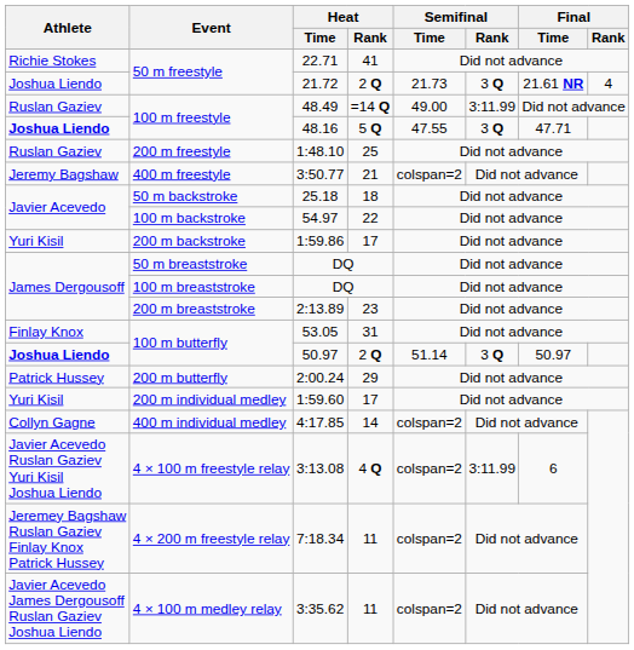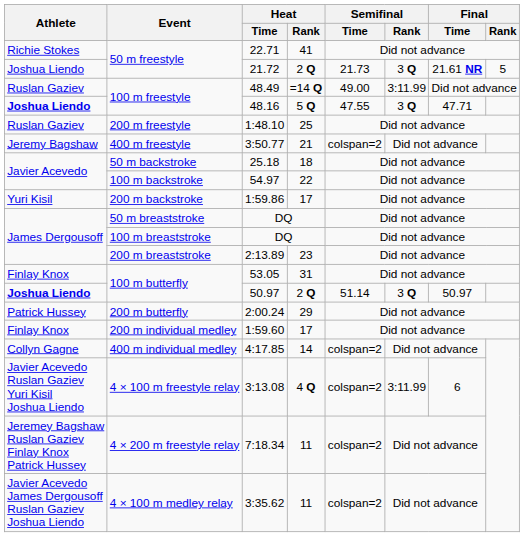 <table class=wikitable style="font-size:90%">
 <tr>
 <th rowspan="2">Athlete</th>
 <th rowspan="2">Event</th>
 <th colspan="2">Heat</th>
 <th colspan="2">Semifinal</th>
 <th colspan="2">Final</th>
 </tr>
 <tr style="font-size:95%">
 <th>Time</th>
 <th>Rank</th>
 <th>Time</th>
 <th>Rank</th>
 <th>Time</th>
 <th>Rank</th>
 </tr>
 <tr align=center>
 <td align=left><a href='#'>Richie Stokes</a></td>
 <td align=left rowspan=2><a href='#'>50 m freestyle</a></td>
 <td>22.71</td>
 <td>41</td>
 <td colspan=4>Did not advance</td>
 </tr>
 <tr align=center>
 <td align=left><a href='#'>Joshua Liendo</a></td>
 <td>21.72</td>
 <td>2 <strong>Q</strong></td>
 <td>21.73</td>
 <td>3 <strong>Q</strong></td>
 <td>21.61 <strong><a href='#'>NR</a></strong></td>
-<td>4</td>
+<td>5</td>
 </tr>
 <tr align=center>
 <td align=left><a href='#'>Ruslan Gaziev</a></td>
 <td align=left rowspan=2><a href='#'>100 m freestyle</a></td>
 <td>48.49</td>
 <td>=14 <strong>Q</strong></td>
 <td>49.00</td>
 <td>3:11.99</td>
 <td colspan=2>Did not advance</td>
 </tr>
 <tr align=center>
 <td align=left><strong><a href='#'>Joshua Liendo</a></strong></td>
 <td>48.16</td>
 <td>5 <strong>Q</strong></td>
 <td>47.55</td>
 <td>3 <strong>Q</strong></td>
 <td>47.71</td>
 <td></td>
 </tr>
 <tr align=center>
 <td align=left><a href='#'>Ruslan Gaziev</a></td>
 <td align=left><a href='#'>200 m freestyle</a></td>
 <td>1:48.10</td>
 <td>25</td>
 <td colspan=4>Did not advance</td>
 </tr>
 <tr align=center>
 <td align=left><a href='#'>Jeremy Bagshaw</a></td>
 <td align=left><a href='#'>400 m freestyle</a></td>
 <td>3:50.77</td>
 <td>21</td>
 <td>colspan=2 </td>
 <td colspan=2>Did not advance</td>
 </tr>
 <tr align=center>
 <td align=left rowspan=2><a href='#'>Javier Acevedo</a></td>
 <td align=left><a href='#'>50 m backstroke</a></td>
 <td>25.18</td>
 <td>18</td>
 <td colspan=4>Did not advance</td>
 </tr>
 <tr align=center>
 <td align=left><a href='#'>100 m backstroke</a></td>
 <td>54.97</td>
 <td>22</td>
 <td colspan=4>Did not advance</td>
 </tr>
 <tr align=center>
 <td align=left><a href='#'>Yuri Kisil</a></td>
 <td align=left><a href='#'>200 m backstroke</a></td>
 <td>1:59.86</td>
 <td>17</td>
 <td colspan=4>Did not advance</td>
 </tr>
 <tr align=center>
 <td align=left rowspan=3><a href='#'>James Dergousoff</a></td>
 <td align=left><a href='#'>50 m breaststroke</a></td>
 <td colspan=2>DQ</td>
 <td colspan=4>Did not advance</td>
 </tr>
 <tr align=center>
 <td align=left><a href='#'>100 m breaststroke</a></td>
 <td colspan=2>DQ</td>
 <td colspan=4>Did not advance</td>
 </tr>
 <tr align=center>
 <td align=left><a href='#'>200 m breaststroke</a></td>
 <td>2:13.89</td>
 <td>23</td>
 <td colspan=4>Did not advance</td>
 </tr>
 <tr align=center>
 <td align=left><a href='#'>Finlay Knox</a></td>
 <td align=left rowspan=2><a href='#'>100 m butterfly</a></td>
 <td>53.05</td>
 <td>31</td>
 <td colspan=4>Did not advance</td>
 </tr>
 <tr align=center>
 <td align=left><strong><a href='#'>Joshua Liendo</a></strong></td>
 <td>50.97</td>
 <td>2 <strong>Q</strong></td>
 <td>51.14</td>
 <td>3 <strong>Q</strong></td>
 <td>50.97</td>
 <td></td>
 </tr>
 <tr align=center>
 <td align=left><a href='#'>Patrick Hussey</a></td>
 <td align=left><a href='#'>200 m butterfly</a></td>
 <td>2:00.24</td>
 <td>29</td>
 <td colspan=4>Did not advance</td>
 </tr>
 <tr align=center>
-<td align=left><a href='#'>Yuri Kisil</a></td>
+<td align=left><a href='#'>Finlay Knox</a></td>
 <td align=left><a href='#'>200 m individual medley</a></td>
 <td>1:59.60</td>
 <td>17</td>
 <td colspan=4>Did not advance</td>
 </tr>
 <tr align=center>
 <td align=left><a href='#'>Collyn Gagne</a></td>
 <td align=left><a href='#'>400 m individual medley</a></td>
 <td>4:17.85</td>
 <td>14</td>
 <td>colspan=2</td>
 <td colspan=2>Did not advance</td>
 </tr>
 <tr align=center>
 <td align=left><a href='#'>Javier Acevedo</a><br><a href='#'>Ruslan Gaziev</a><br><a href='#'>Yuri Kisil</a><br><a href='#'>Joshua Liendo</a></td>
 <td align=left><a href='#'>4 × 100 m freestyle relay</a></td>
 <td>3:13.08</td>
 <td>4 <strong>Q</strong></td>
 <td>colspan=2 </td>
 <td>3:11.99</td>
 <td>6</td>
 </tr>
 <tr align=center>
 <td align=left><a href='#'>Jeremey Bagshaw</a><br><a href='#'>Ruslan Gaziev</a><br><a href='#'>Finlay Knox</a><br><a href='#'>Patrick Hussey</a></td>
 <td align=left><a href='#'>4 × 200 m freestyle relay</a></td>
 <td>7:18.34</td>
 <td>11</td>
 <td>colspan=2 </td>
 <td colspan=2>Did not advance</td>
 </tr>
 <tr align=center>
 <td align=left><a href='#'>Javier Acevedo</a><br><a href='#'>James Dergousoff</a><br><a href='#'>Ruslan Gaziev</a><br><a href='#'>Joshua Liendo</a></td>
 <td align=left><a href='#'>4 × 100 m medley relay</a></td>
 <td>3:35.62</td>
 <td>11</td>
 <td>colspan=2 </td>
 <td colspan=2>Did not advance</td>
 </tr>
 </table>
